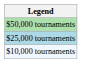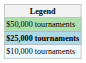 <table class="wikitable" style="font-size:85%;">
 <tr>
 <th>Legend</th>
 </tr>
 <tr bgcolor="#ADDFAD">
 <td>$50,000 tournaments</td>
 </tr>
 <tr style="background:lightblue;">
-<td>$25,000 tournaments</td>
+<td><strong>$25,000 tournaments</strong></td>
 </tr>
 <tr style="background:#f0f8ff;">
 <td>$10,000 tournaments</td>
 </tr>
 </table>
